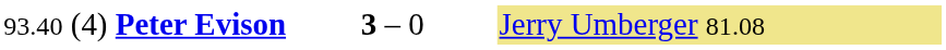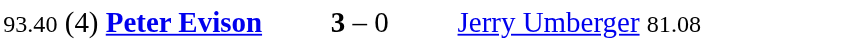 <table style="text-align:center">
 <tr>
 <th width=223></th>
 <th width=100></th>
 <th width=223></th>
 </tr>
 <tr>
 <td align=right><small>93.40</small> (4) <strong><a href='#'>Peter Evison</a></strong> </td>
 <td><strong>3</strong> – 0</td>
-<td align=left style="background: khaki;"> <a href='#'>Jerry Umberger</a> <small>81.08</small></td>
+<td align=left> <a href='#'>Jerry Umberger</a> <small>81.08</small></td>
 </tr>
 </table>
